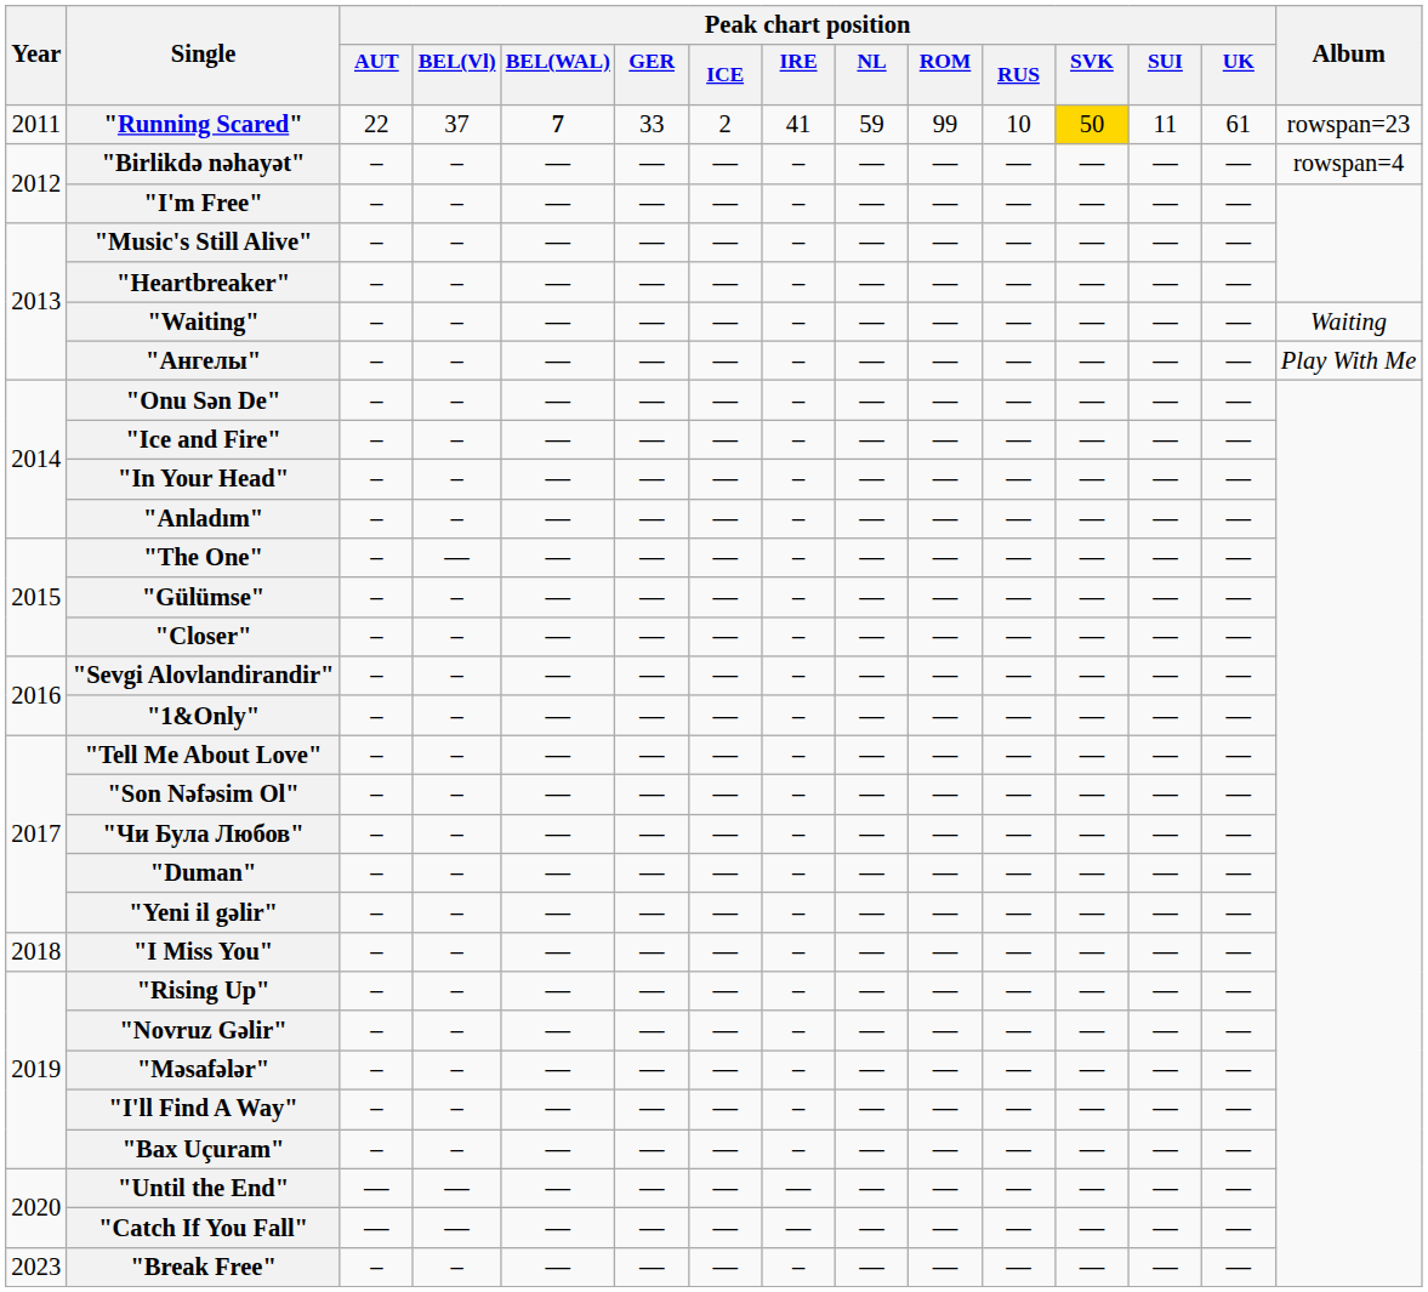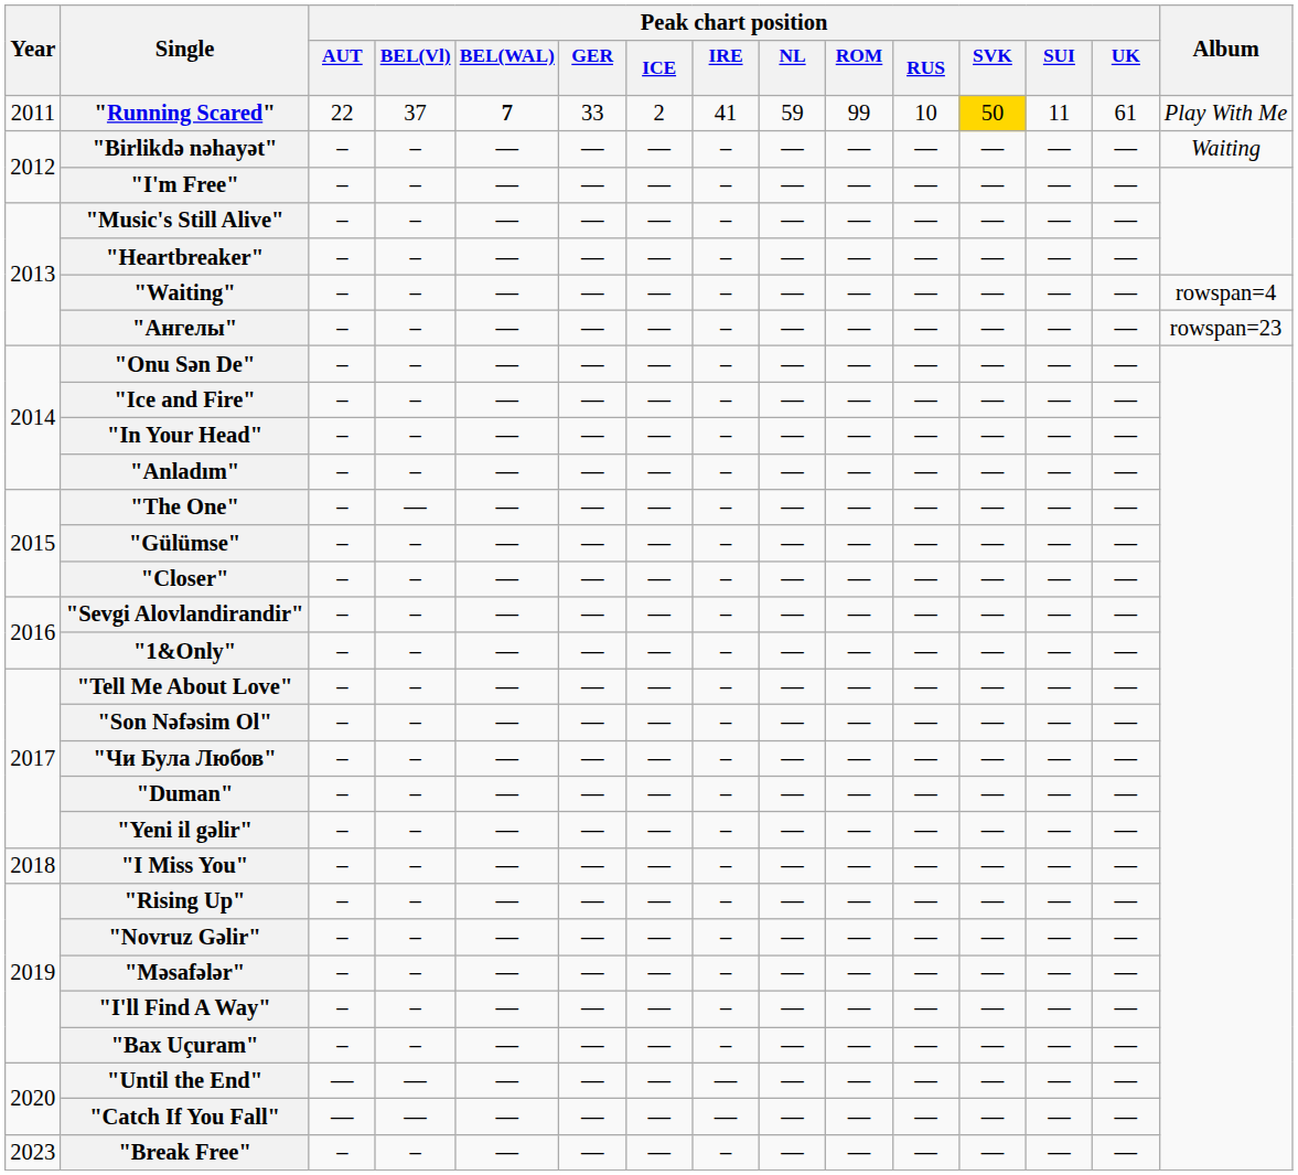 <table class="wikitable plainrowheaders" style="text-align:center;">
 <tr>
 <th scope="col" rowspan="2">Year</th>
 <th scope="col" rowspan="2">Single</th>
 <th colspan="12" scope="col">Peak chart position</th>
 <th scope="col" rowspan="2">Album</th>
 </tr>
 <tr>
 <th scope="col" style="width:3em;font-size:85%;"><a href='#'>AUT</a><br><br></th>
 <th scope="col" style="width:3em;font-size:85%;"><a href='#'>BEL(Vl)</a><br><br></th>
 <th scope="col" style="width:3em;font-size:85%;"><a href='#'>BEL(WAL)</a><br><br></th>
 <th scope="col" style="width:3em;font-size:85%;"><a href='#'>GER</a><br><br></th>
 <th scope="col" style="width:3em;font-size:85%;"><a href='#'>ICE</a><br></th>
 <th scope="col" style="width:3em;font-size:85%;"><a href='#'>IRE</a><br><br></th>
 <th scope="col" style="width:3em;font-size:85%;"><a href='#'>NL</a><br><br></th>
 <th scope="col" style="width:3em;font-size:85%;"><a href='#'>ROM</a><br><br></th>
 <th scope="col" style="width:3em;font-size:85%;"><a href='#'>RUS</a><br></th>
 <th scope="col" style="width:3em;font-size:85%;"><a href='#'>SVK</a><br><br></th>
 <th scope="col" style="width:3em;font-size:85%;"><a href='#'>SUI</a><br><br></th>
 <th scope="col" style="width:3em;font-size:85%;"><a href='#'>UK</a><br><br></th>
 </tr>
 <tr>
 <td>2011</td>
 <th scope="row">"<a href='#'>Running Scared</a>" </th>
 <td>22</td>
 <td>37</td>
 <td><strong>7</strong></td>
 <td>33</td>
 <td>2</td>
 <td>41</td>
 <td>59</td>
 <td>99</td>
 <td>10</td>
 <td style="background: gold;">50</td>
 <td>11</td>
 <td>61</td>
-<td>rowspan=23 </td>
+<td><em>Play With Me</em> </td>
 </tr>
 <tr>
 <td rowspan="2">2012</td>
 <th scope="row">"Birlikdə nəhayət"</th>
 <td>–</td>
 <td>–</td>
 <td>—</td>
 <td>—</td>
 <td>—</td>
 <td>–</td>
 <td>—</td>
 <td>—</td>
 <td>—</td>
 <td>—</td>
 <td>—</td>
 <td>—</td>
-<td>rowspan=4 </td>
+<td><em>Waiting</em></td>
 </tr>
 <tr>
 <th scope="row">"I'm Free" </th>
 <td>–</td>
 <td>–</td>
 <td>—</td>
 <td>—</td>
 <td>—</td>
 <td>–</td>
 <td>—</td>
 <td>—</td>
 <td>—</td>
 <td>—</td>
 <td>—</td>
 <td>—</td>
 </tr>
 <tr>
 <td rowspan="4">2013</td>
 <th scope="row">"Music's Still Alive" </th>
 <td>–</td>
 <td>–</td>
 <td>—</td>
 <td>—</td>
 <td>—</td>
 <td>–</td>
 <td>—</td>
 <td>—</td>
 <td>—</td>
 <td>—</td>
 <td>—</td>
 <td>—</td>
 </tr>
 <tr>
 <th scope="row">"Heartbreaker"</th>
 <td>–</td>
 <td>–</td>
 <td>—</td>
 <td>—</td>
 <td>—</td>
 <td>–</td>
 <td>—</td>
 <td>—</td>
 <td>—</td>
 <td>—</td>
 <td>—</td>
 <td>—</td>
 </tr>
 <tr>
 <th scope="row">"Waiting"</th>
 <td>–</td>
 <td>–</td>
 <td>—</td>
 <td>—</td>
 <td>—</td>
 <td>–</td>
 <td>—</td>
 <td>—</td>
 <td>—</td>
 <td>—</td>
 <td>—</td>
 <td>—</td>
-<td><em>Waiting</em></td>
+<td>rowspan=4 </td>
 </tr>
 <tr>
 <th scope="row">"Ангелы" </th>
 <td>–</td>
 <td>–</td>
 <td>—</td>
 <td>—</td>
 <td>—</td>
 <td>–</td>
 <td>—</td>
 <td>—</td>
 <td>—</td>
 <td>—</td>
 <td>—</td>
 <td>—</td>
-<td><em>Play With Me</em> </td>
+<td>rowspan=23 </td>
 </tr>
 <tr>
 <td rowspan="4">2014</td>
 <th scope="row">"Onu Sən De"</th>
 <td>–</td>
 <td>–</td>
 <td>—</td>
 <td>—</td>
 <td>—</td>
 <td>–</td>
 <td>—</td>
 <td>—</td>
 <td>—</td>
 <td>—</td>
 <td>—</td>
 <td>—</td>
 </tr>
 <tr>
 <th scope="row">"Ice and Fire" </th>
 <td>–</td>
 <td>–</td>
 <td>—</td>
 <td>—</td>
 <td>—</td>
 <td>–</td>
 <td>—</td>
 <td>—</td>
 <td>—</td>
 <td>—</td>
 <td>—</td>
 <td>—</td>
 </tr>
 <tr>
 <th scope="row">"In Your Head"</th>
 <td>–</td>
 <td>–</td>
 <td>—</td>
 <td>—</td>
 <td>—</td>
 <td>–</td>
 <td>—</td>
 <td>—</td>
 <td>—</td>
 <td>—</td>
 <td>—</td>
 <td>—</td>
 </tr>
 <tr>
 <th scope="row">"Anladım"</th>
 <td>–</td>
 <td>–</td>
 <td>—</td>
 <td>—</td>
 <td>—</td>
 <td>–</td>
 <td>—</td>
 <td>—</td>
 <td>—</td>
 <td>—</td>
 <td>—</td>
 <td>—</td>
 </tr>
 <tr>
 <td rowspan="3">2015</td>
 <th scope="row">"The One"</th>
 <td>–</td>
 <td>—</td>
 <td>—</td>
 <td>—</td>
 <td>—</td>
 <td>–</td>
 <td>—</td>
 <td>—</td>
 <td>—</td>
 <td>—</td>
 <td>—</td>
 <td>—</td>
 </tr>
 <tr>
 <th scope="row">"Gülümse" </th>
 <td>–</td>
 <td>–</td>
 <td>—</td>
 <td>—</td>
 <td>—</td>
 <td>–</td>
 <td>—</td>
 <td>—</td>
 <td>—</td>
 <td>—</td>
 <td>—</td>
 <td>—</td>
 </tr>
 <tr>
 <th scope="row">"Closer"</th>
 <td>–</td>
 <td>–</td>
 <td>—</td>
 <td>—</td>
 <td>—</td>
 <td>–</td>
 <td>—</td>
 <td>—</td>
 <td>—</td>
 <td>—</td>
 <td>—</td>
 <td>—</td>
 </tr>
 <tr>
 <td rowspan="2">2016</td>
 <th scope="row">"Sevgi Alovlandirandir"</th>
 <td>–</td>
 <td>–</td>
 <td>—</td>
 <td>—</td>
 <td>—</td>
 <td>–</td>
 <td>—</td>
 <td>—</td>
 <td>—</td>
 <td>—</td>
 <td>—</td>
 <td>—</td>
 </tr>
 <tr>
 <th scope="row">"1&Only"</th>
 <td>–</td>
 <td>–</td>
 <td>—</td>
 <td>—</td>
 <td>—</td>
 <td>–</td>
 <td>—</td>
 <td>—</td>
 <td>—</td>
 <td>—</td>
 <td>—</td>
 <td>—</td>
 </tr>
 <tr>
 <td rowspan="5">2017</td>
 <th scope="row">"Tell Me About Love"</th>
 <td>–</td>
 <td>–</td>
 <td>—</td>
 <td>—</td>
 <td>—</td>
 <td>–</td>
 <td>—</td>
 <td>—</td>
 <td>—</td>
 <td>—</td>
 <td>—</td>
 <td>—</td>
 </tr>
 <tr>
 <th scope="row">"Son Nəfəsim Ol"</th>
 <td>–</td>
 <td>–</td>
 <td>—</td>
 <td>—</td>
 <td>—</td>
 <td>–</td>
 <td>—</td>
 <td>—</td>
 <td>—</td>
 <td>—</td>
 <td>—</td>
 <td>—</td>
 </tr>
 <tr>
 <th scope="row">"Чи Була Любов"</th>
 <td>–</td>
 <td>–</td>
 <td>—</td>
 <td>—</td>
 <td>—</td>
 <td>–</td>
 <td>—</td>
 <td>—</td>
 <td>—</td>
 <td>—</td>
 <td>—</td>
 <td>—</td>
 </tr>
 <tr>
 <th scope="row">"Duman"</th>
 <td>–</td>
 <td>–</td>
 <td>—</td>
 <td>—</td>
 <td>—</td>
 <td>–</td>
 <td>—</td>
 <td>—</td>
 <td>—</td>
 <td>—</td>
 <td>—</td>
 <td>—</td>
 </tr>
 <tr>
 <th scope="row">"Yeni il gəlir"</th>
 <td>–</td>
 <td>–</td>
 <td>—</td>
 <td>—</td>
 <td>—</td>
 <td>–</td>
 <td>—</td>
 <td>—</td>
 <td>—</td>
 <td>—</td>
 <td>—</td>
 <td>—</td>
 </tr>
 <tr>
 <td>2018</td>
 <th scope="row">"I Miss You"</th>
 <td>–</td>
 <td>–</td>
 <td>—</td>
 <td>—</td>
 <td>—</td>
 <td>–</td>
 <td>—</td>
 <td>—</td>
 <td>—</td>
 <td>—</td>
 <td>—</td>
 <td>—</td>
 </tr>
 <tr>
 <td rowspan="5">2019</td>
 <th scope="row">"Rising Up"</th>
 <td>–</td>
 <td>–</td>
 <td>—</td>
 <td>—</td>
 <td>—</td>
 <td>–</td>
 <td>—</td>
 <td>—</td>
 <td>—</td>
 <td>—</td>
 <td>—</td>
 <td>—</td>
 </tr>
 <tr>
 <th scope="row">"Novruz Gəlir"</th>
 <td>–</td>
 <td>–</td>
 <td>—</td>
 <td>—</td>
 <td>—</td>
 <td>–</td>
 <td>—</td>
 <td>—</td>
 <td>—</td>
 <td>—</td>
 <td>—</td>
 <td>—</td>
 </tr>
 <tr>
 <th scope="row">"Məsafələr"</th>
 <td>–</td>
 <td>–</td>
 <td>—</td>
 <td>—</td>
 <td>—</td>
 <td>–</td>
 <td>—</td>
 <td>—</td>
 <td>—</td>
 <td>—</td>
 <td>—</td>
 <td>—</td>
 </tr>
 <tr>
 <th scope="row">"I'll Find A Way"</th>
 <td>–</td>
 <td>–</td>
 <td>—</td>
 <td>—</td>
 <td>—</td>
 <td>–</td>
 <td>—</td>
 <td>—</td>
 <td>—</td>
 <td>—</td>
 <td>—</td>
 <td>—</td>
 </tr>
 <tr>
 <th scope="row">"Bax Uçuram"</th>
 <td>–</td>
 <td>–</td>
 <td>—</td>
 <td>—</td>
 <td>—</td>
 <td>–</td>
 <td>—</td>
 <td>—</td>
 <td>—</td>
 <td>—</td>
 <td>—</td>
 <td>—</td>
 </tr>
 <tr>
 <td rowspan="2">2020</td>
 <th scope="row">"Until the End" </th>
 <td>—</td>
 <td>—</td>
 <td>—</td>
 <td>—</td>
 <td>—</td>
 <td>—</td>
 <td>—</td>
 <td>—</td>
 <td>—</td>
 <td>—</td>
 <td>—</td>
 <td>—</td>
 </tr>
 <tr>
 <th scope="row">"Catch If You Fall"</th>
 <td>—</td>
 <td>—</td>
 <td>—</td>
 <td>—</td>
 <td>—</td>
 <td>—</td>
 <td>—</td>
 <td>—</td>
 <td>—</td>
 <td>—</td>
 <td>—</td>
 <td>—</td>
 </tr>
 <tr>
 <td>2023</td>
 <th scope="row">"Break Free"</th>
 <td>–</td>
 <td>–</td>
 <td>—</td>
 <td>—</td>
 <td>—</td>
 <td>–</td>
 <td>—</td>
 <td>—</td>
 <td>—</td>
 <td>—</td>
 <td>—</td>
 <td>—</td>
 </tr>
 <tr>
 </tr>
 </table>
